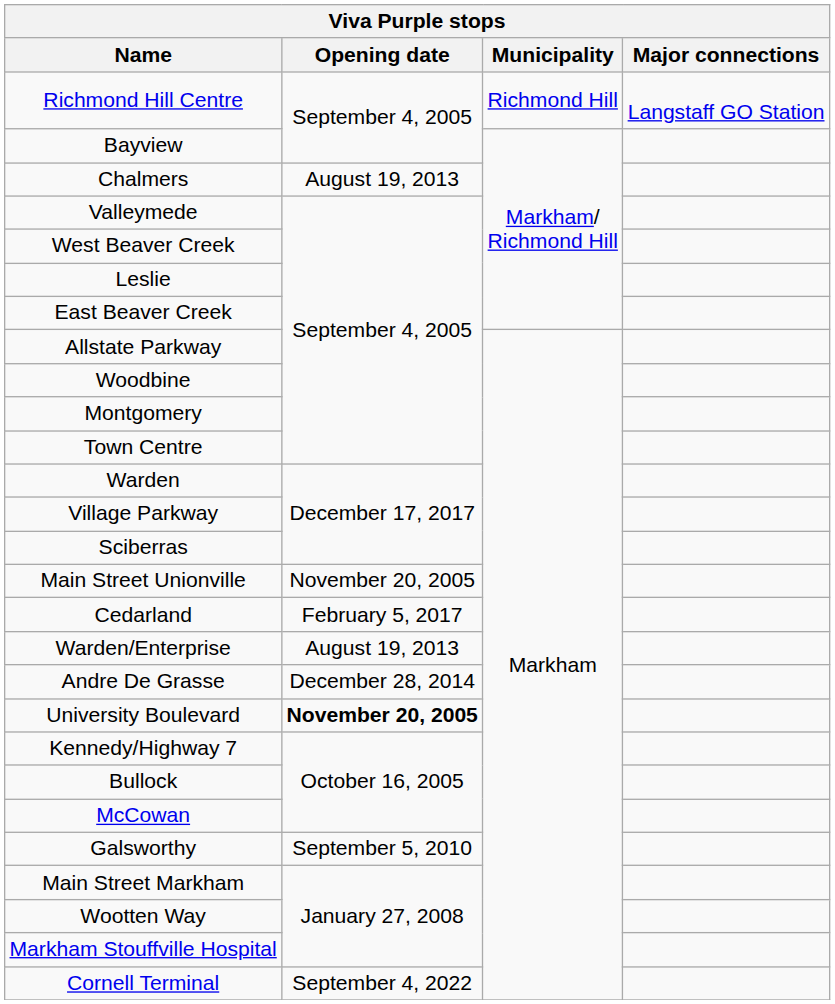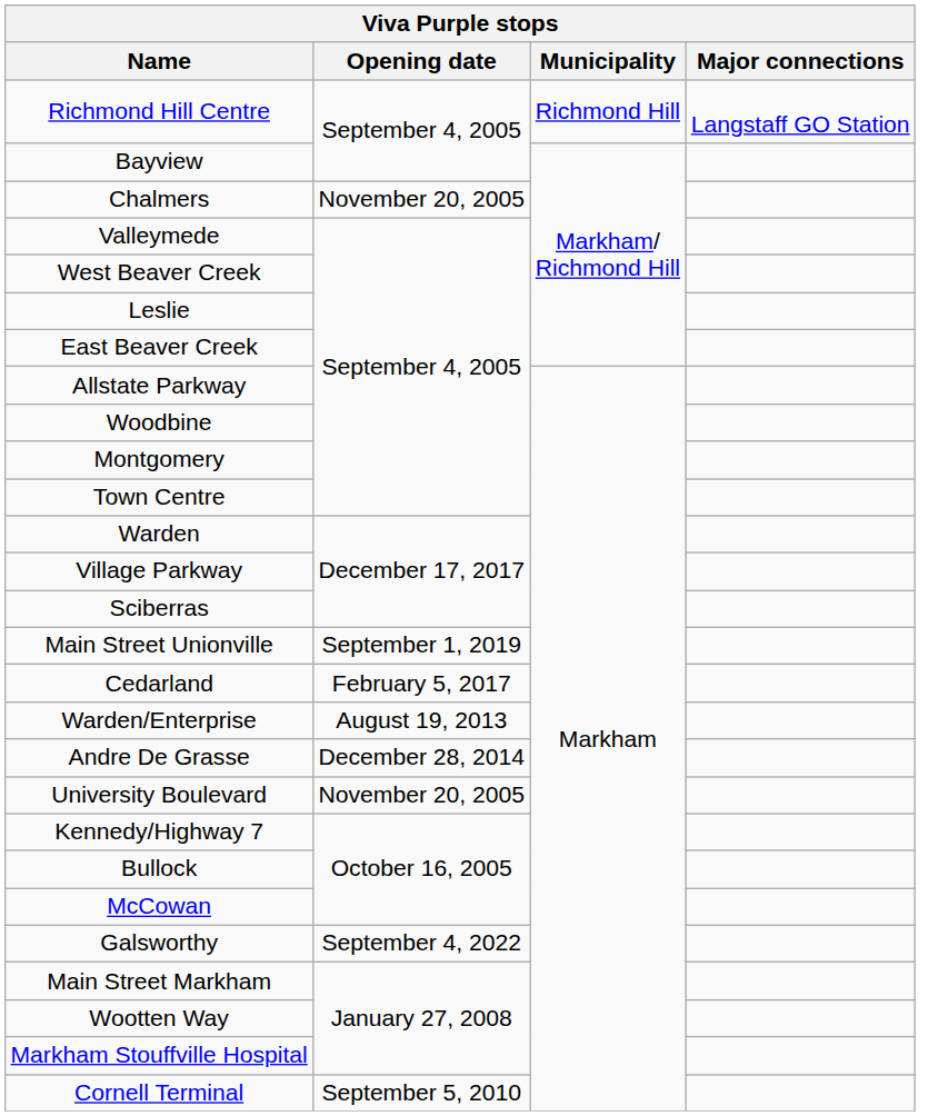 <table class="wikitable" style="text-align:center">
 <tr>
 <th colspan="4" style="background:#">Viva Purple stops</th>
 </tr>
 <tr>
 <th>Name</th>
 <th>Opening date</th>
 <th>Municipality</th>
 <th>Major connections</th>
 </tr>
 <tr>
 <td><a href='#'>Richmond Hill Centre</a></td>
 <td rowspan="2">September 4, 2005</td>
 <td><a href='#'>Richmond Hill</a></td>
 <td> <br> <a href='#'>Langstaff GO Station</a></td>
 </tr>
 <tr>
 <td>Bayview</td>
 <td rowspan="6"><a href='#'>Markham</a>/<br><a href='#'>Richmond Hill</a></td>
 <td></td>
 </tr>
 <tr>
 <td>Chalmers</td>
-<td>August 19, 2013</td>
+<td>November 20, 2005</td>
 <td></td>
 </tr>
 <tr>
 <td>Valleymede</td>
 <td rowspan="8">September 4, 2005</td>
 <td></td>
 </tr>
 <tr>
 <td>West Beaver Creek</td>
 <td></td>
 </tr>
 <tr>
 <td>Leslie</td>
 <td></td>
 </tr>
 <tr>
 <td>East Beaver Creek</td>
 <td></td>
 </tr>
 <tr>
 <td>Allstate Parkway</td>
 <td rowspan="20">Markham</td>
 <td></td>
 </tr>
 <tr>
 <td>Woodbine</td>
 <td></td>
 </tr>
 <tr>
 <td>Montgomery</td>
 <td></td>
 </tr>
 <tr>
 <td>Town Centre</td>
 <td></td>
 </tr>
 <tr>
 <td>Warden</td>
 <td rowspan="3">December 17, 2017</td>
 <td></td>
 </tr>
 <tr>
 <td>Village Parkway</td>
 <td></td>
 </tr>
 <tr>
 <td>Sciberras</td>
 <td></td>
 </tr>
 <tr>
 <td>Main Street Unionville</td>
-<td>November 20, 2005</td>
+<td>September 1, 2019</td>
 <td></td>
 </tr>
 <tr>
 <td>Cedarland</td>
 <td>February 5, 2017</td>
 <td></td>
 </tr>
 <tr>
 <td>Warden/Enterprise</td>
 <td>August 19, 2013</td>
 <td></td>
 </tr>
 <tr>
 <td>Andre De Grasse</td>
 <td>December 28, 2014</td>
 <td></td>
 </tr>
 <tr>
 <td>University Boulevard</td>
-<td><strong>November 20, 2005</strong></td>
+<td>November 20, 2005</td>
 <td></td>
 </tr>
 <tr>
 <td>Kennedy/Highway 7</td>
 <td rowspan="3">October 16, 2005</td>
 <td></td>
 </tr>
 <tr>
 <td>Bullock</td>
 <td></td>
 </tr>
 <tr>
 <td><a href='#'>McCowan</a></td>
 <td></td>
 </tr>
 <tr>
 <td>Galsworthy</td>
-<td>September 5, 2010</td>
+<td>September 4, 2022</td>
 <td></td>
 </tr>
 <tr>
 <td>Main Street Markham</td>
 <td rowspan="3">January 27, 2008</td>
 <td></td>
 </tr>
 <tr>
 <td>Wootten Way</td>
 <td></td>
 </tr>
 <tr>
 <td><a href='#'>Markham Stouffville Hospital</a></td>
 <td></td>
 </tr>
 <tr>
 <td><a href='#'>Cornell Terminal</a></td>
-<td>September 4, 2022</td>
+<td>September 5, 2010</td>
 <td>  </td>
 </tr>
 </table>
